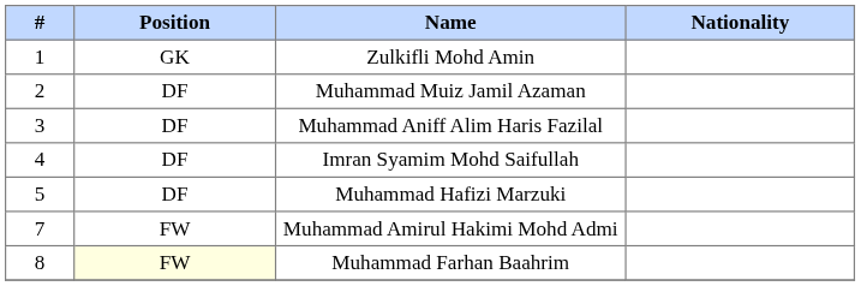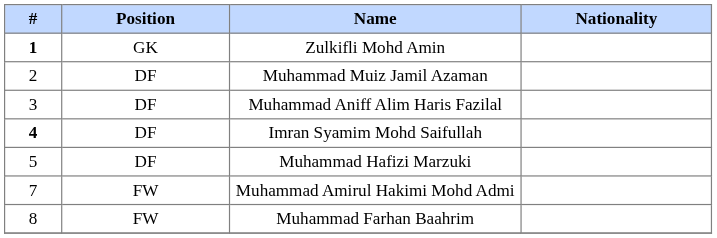 <table border=1 style="border-collapse:collapse; font-size:90%;" cellpadding=3 cellspacing=0 width=30%>
 <tr bgcolor=#C1D8FF>
 <th width=2%>#</th>
 <th width=5%>Position</th>
 <th width=10%>Name</th>
 <th width=5%>Nationality</th>
 </tr>
 <tr align=center>
-<td>1</td>
+<td><strong>1</strong></td>
 <td>GK</td>
 <td>Zulkifli Mohd Amin</td>
 <td></td>
 </tr>
 <tr align=center>
 <td>2</td>
 <td>DF</td>
 <td>Muhammad Muiz Jamil Azaman</td>
 <td></td>
 </tr>
 <tr align=center>
 <td>3</td>
 <td>DF</td>
 <td>Muhammad Aniff Alim Haris Fazilal</td>
 <td></td>
 </tr>
 <tr align=center>
-<td>4</td>
+<td><strong>4</strong></td>
 <td>DF</td>
 <td>Imran Syamim Mohd Saifullah</td>
 <td></td>
 </tr>
 <tr align=center>
 <td>5</td>
 <td>DF</td>
 <td>Muhammad Hafizi Marzuki</td>
 <td></td>
 </tr>
 <tr align=center>
 <td>7</td>
 <td>FW</td>
 <td>Muhammad Amirul Hakimi Mohd Admi</td>
 <td></td>
 </tr>
 <tr align=center>
 <td>8</td>
-<td style="background: lightyellow;">FW</td>
+<td>FW</td>
 <td>Muhammad Farhan Baahrim</td>
 <td></td>
 </tr>
 <tr align=center>
 </tr>
 </table>
